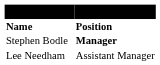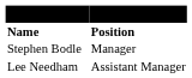 <table class="toccolors" border="0" cellpadding="2" cellspacing="0"  style="float:left; margin:.25em;">
 <tr>
 <th style="text-align:left; background:#000;"><span>Coaching Staff</span></th>
 <th ! colspan="2"  style="text-align:left; background:#000;"></th>
 </tr>
 <tr>
 <th style="text-align:left; background:#fff;"><span>Name</span></th>
 <th colspan="2"  style="text-align:left; background:#fff;"><span>Position</span></th>
 </tr>
 <tr>
 <td>Stephen Bodle</td>
-<td><strong>Manager</strong></td>
+<td>Manager</td>
 </tr>
 <tr>
 <td>Lee Needham</td>
 <td>Assistant Manager</td>
 </tr>
 </table>
